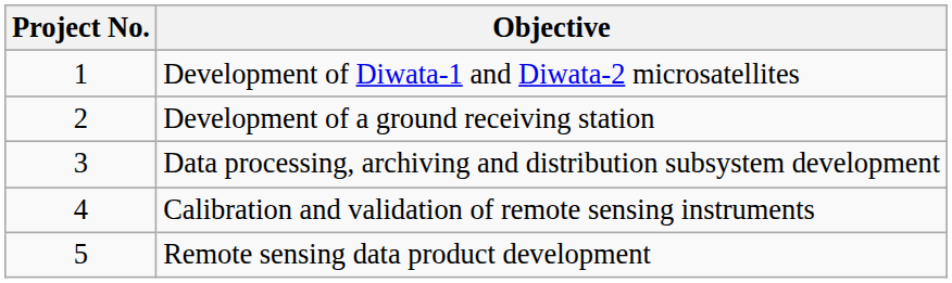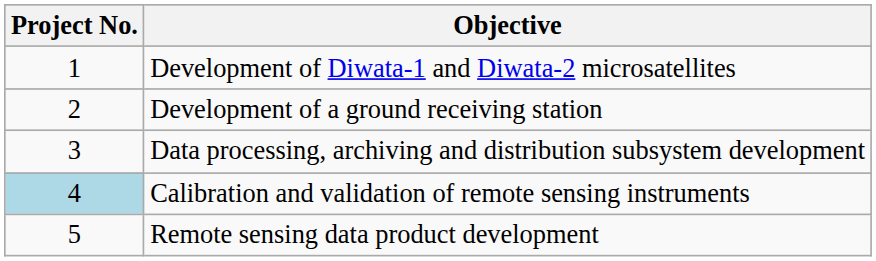 <table class="wikitable" style="font-size:100%;">
 <tr>
 <th>Project No.</th>
 <th>Objective</th>
 </tr>
 <tr>
 <td align=center>1</td>
 <td>Development of <a href='#'>Diwata-1</a> and <a href='#'>Diwata-2</a> microsatellites</td>
 </tr>
 <tr>
 <td align=center>2</td>
 <td>Development of a ground receiving station</td>
 </tr>
 <tr>
 <td align=center>3</td>
 <td>Data processing, archiving and distribution subsystem development</td>
 </tr>
 <tr>
-<td align=center>4</td>
+<td align=center style="background: lightblue;">4</td>
 <td>Calibration and validation of remote sensing instruments</td>
 </tr>
 <tr>
 <td align=center>5</td>
 <td>Remote sensing data product development</td>
 </tr>
 </table>
